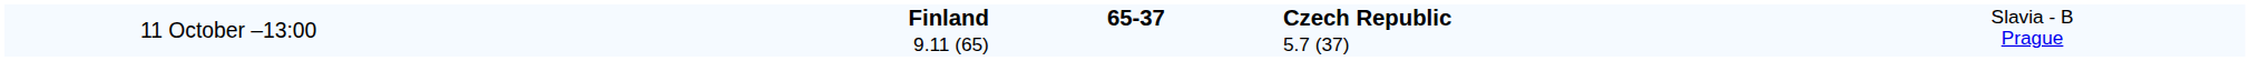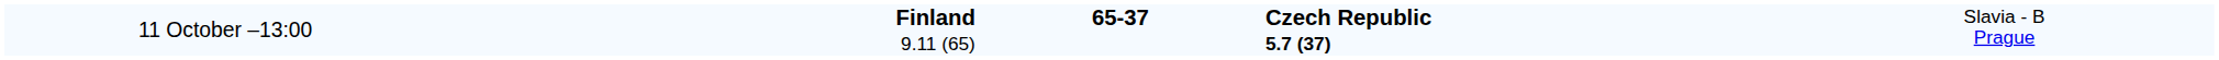 <table style="width: 100%; background:#F5FAFF;" cellspacing="0">
 <tr>
 <td style=font-size:95% align=center rowspan=3 width=20%>11 October –13:00</td>
 </tr>
 <tr>
 <td width=24% align=right><strong>Finland</strong> </td>
 <td align=center width=13%><strong>65-37</strong></td>
 <td width=24%> <strong>Czech Republic</strong></td>
 <td style=font-size:85% rowspan=3 valign=top align=center>Slavia - B <br><a href='#'>Prague</a></td>
 </tr>
 <tr style=font-size:85%>
 <td align=right>9.11 (65)</td>
 <td align=center></td>
-<td>5.7 (37)</td>
+<td><strong>5.7 (37)</strong></td>
 </tr>
 </table>
